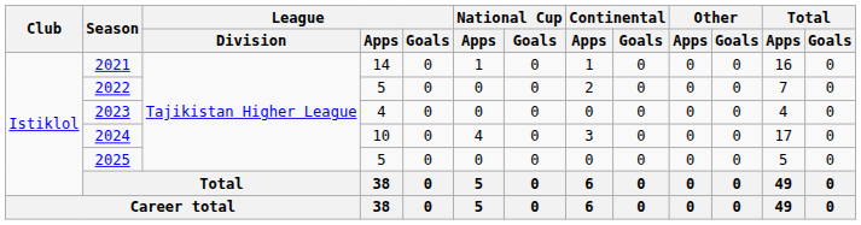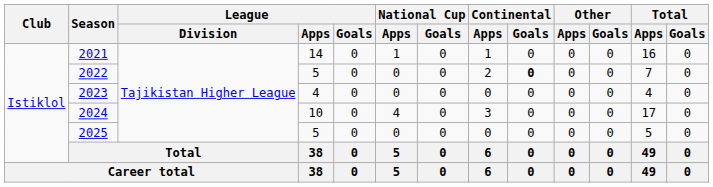 <table class="wikitable" style="text-align: center;">
 <tr>
 <th rowspan="2">Club</th>
 <th rowspan="2">Season</th>
 <th colspan="3">League</th>
 <th colspan="2">National Cup</th>
 <th colspan="2">Continental</th>
 <th colspan="2">Other</th>
 <th colspan="2">Total</th>
 </tr>
 <tr>
 <th>Division</th>
 <th>Apps</th>
 <th>Goals</th>
 <th>Apps</th>
 <th>Goals</th>
 <th>Apps</th>
 <th>Goals</th>
 <th>Apps</th>
 <th>Goals</th>
 <th>Apps</th>
 <th>Goals</th>
 </tr>
 <tr>
 <td rowspan="6" valign="center"><a href='#'>Istiklol</a></td>
 <td><a href='#'>2021</a></td>
 <td rowspan="5" valign="center"><a href='#'>Tajikistan Higher League</a></td>
 <td>14</td>
 <td>0</td>
 <td>1</td>
 <td>0</td>
 <td>1</td>
 <td>0</td>
 <td>0</td>
 <td>0</td>
 <td>16</td>
 <td>0</td>
 </tr>
 <tr>
 <td><a href='#'>2022</a></td>
 <td>5</td>
 <td>0</td>
 <td>0</td>
 <td>0</td>
 <td>2</td>
-<td>0</td>
+<td><strong>0</strong></td>
 <td>0</td>
 <td>0</td>
 <td>7</td>
 <td>0</td>
 </tr>
 <tr>
 <td><a href='#'>2023</a></td>
 <td>4</td>
 <td>0</td>
 <td>0</td>
 <td>0</td>
 <td>0</td>
 <td>0</td>
 <td>0</td>
 <td>0</td>
 <td>4</td>
 <td>0</td>
 </tr>
 <tr>
 <td><a href='#'>2024</a></td>
 <td>10</td>
 <td>0</td>
 <td>4</td>
 <td>0</td>
 <td>3</td>
 <td>0</td>
 <td>0</td>
 <td>0</td>
 <td>17</td>
 <td>0</td>
 </tr>
 <tr>
 <td><a href='#'>2025</a></td>
 <td>5</td>
 <td>0</td>
 <td>0</td>
 <td>0</td>
 <td>0</td>
 <td>0</td>
 <td>0</td>
 <td>0</td>
 <td>5</td>
 <td>0</td>
 </tr>
 <tr>
 <th colspan="2">Total</th>
 <th>38</th>
 <th>0</th>
 <th>5</th>
 <th>0</th>
 <th>6</th>
 <th>0</th>
 <th>0</th>
 <th>0</th>
 <th>49</th>
 <th>0</th>
 </tr>
 <tr>
 <th colspan="3">Career total</th>
 <th>38</th>
 <th>0</th>
 <th>5</th>
 <th>0</th>
 <th>6</th>
 <th>0</th>
 <th>0</th>
 <th>0</th>
 <th>49</th>
 <th>0</th>
 </tr>
 </table>
